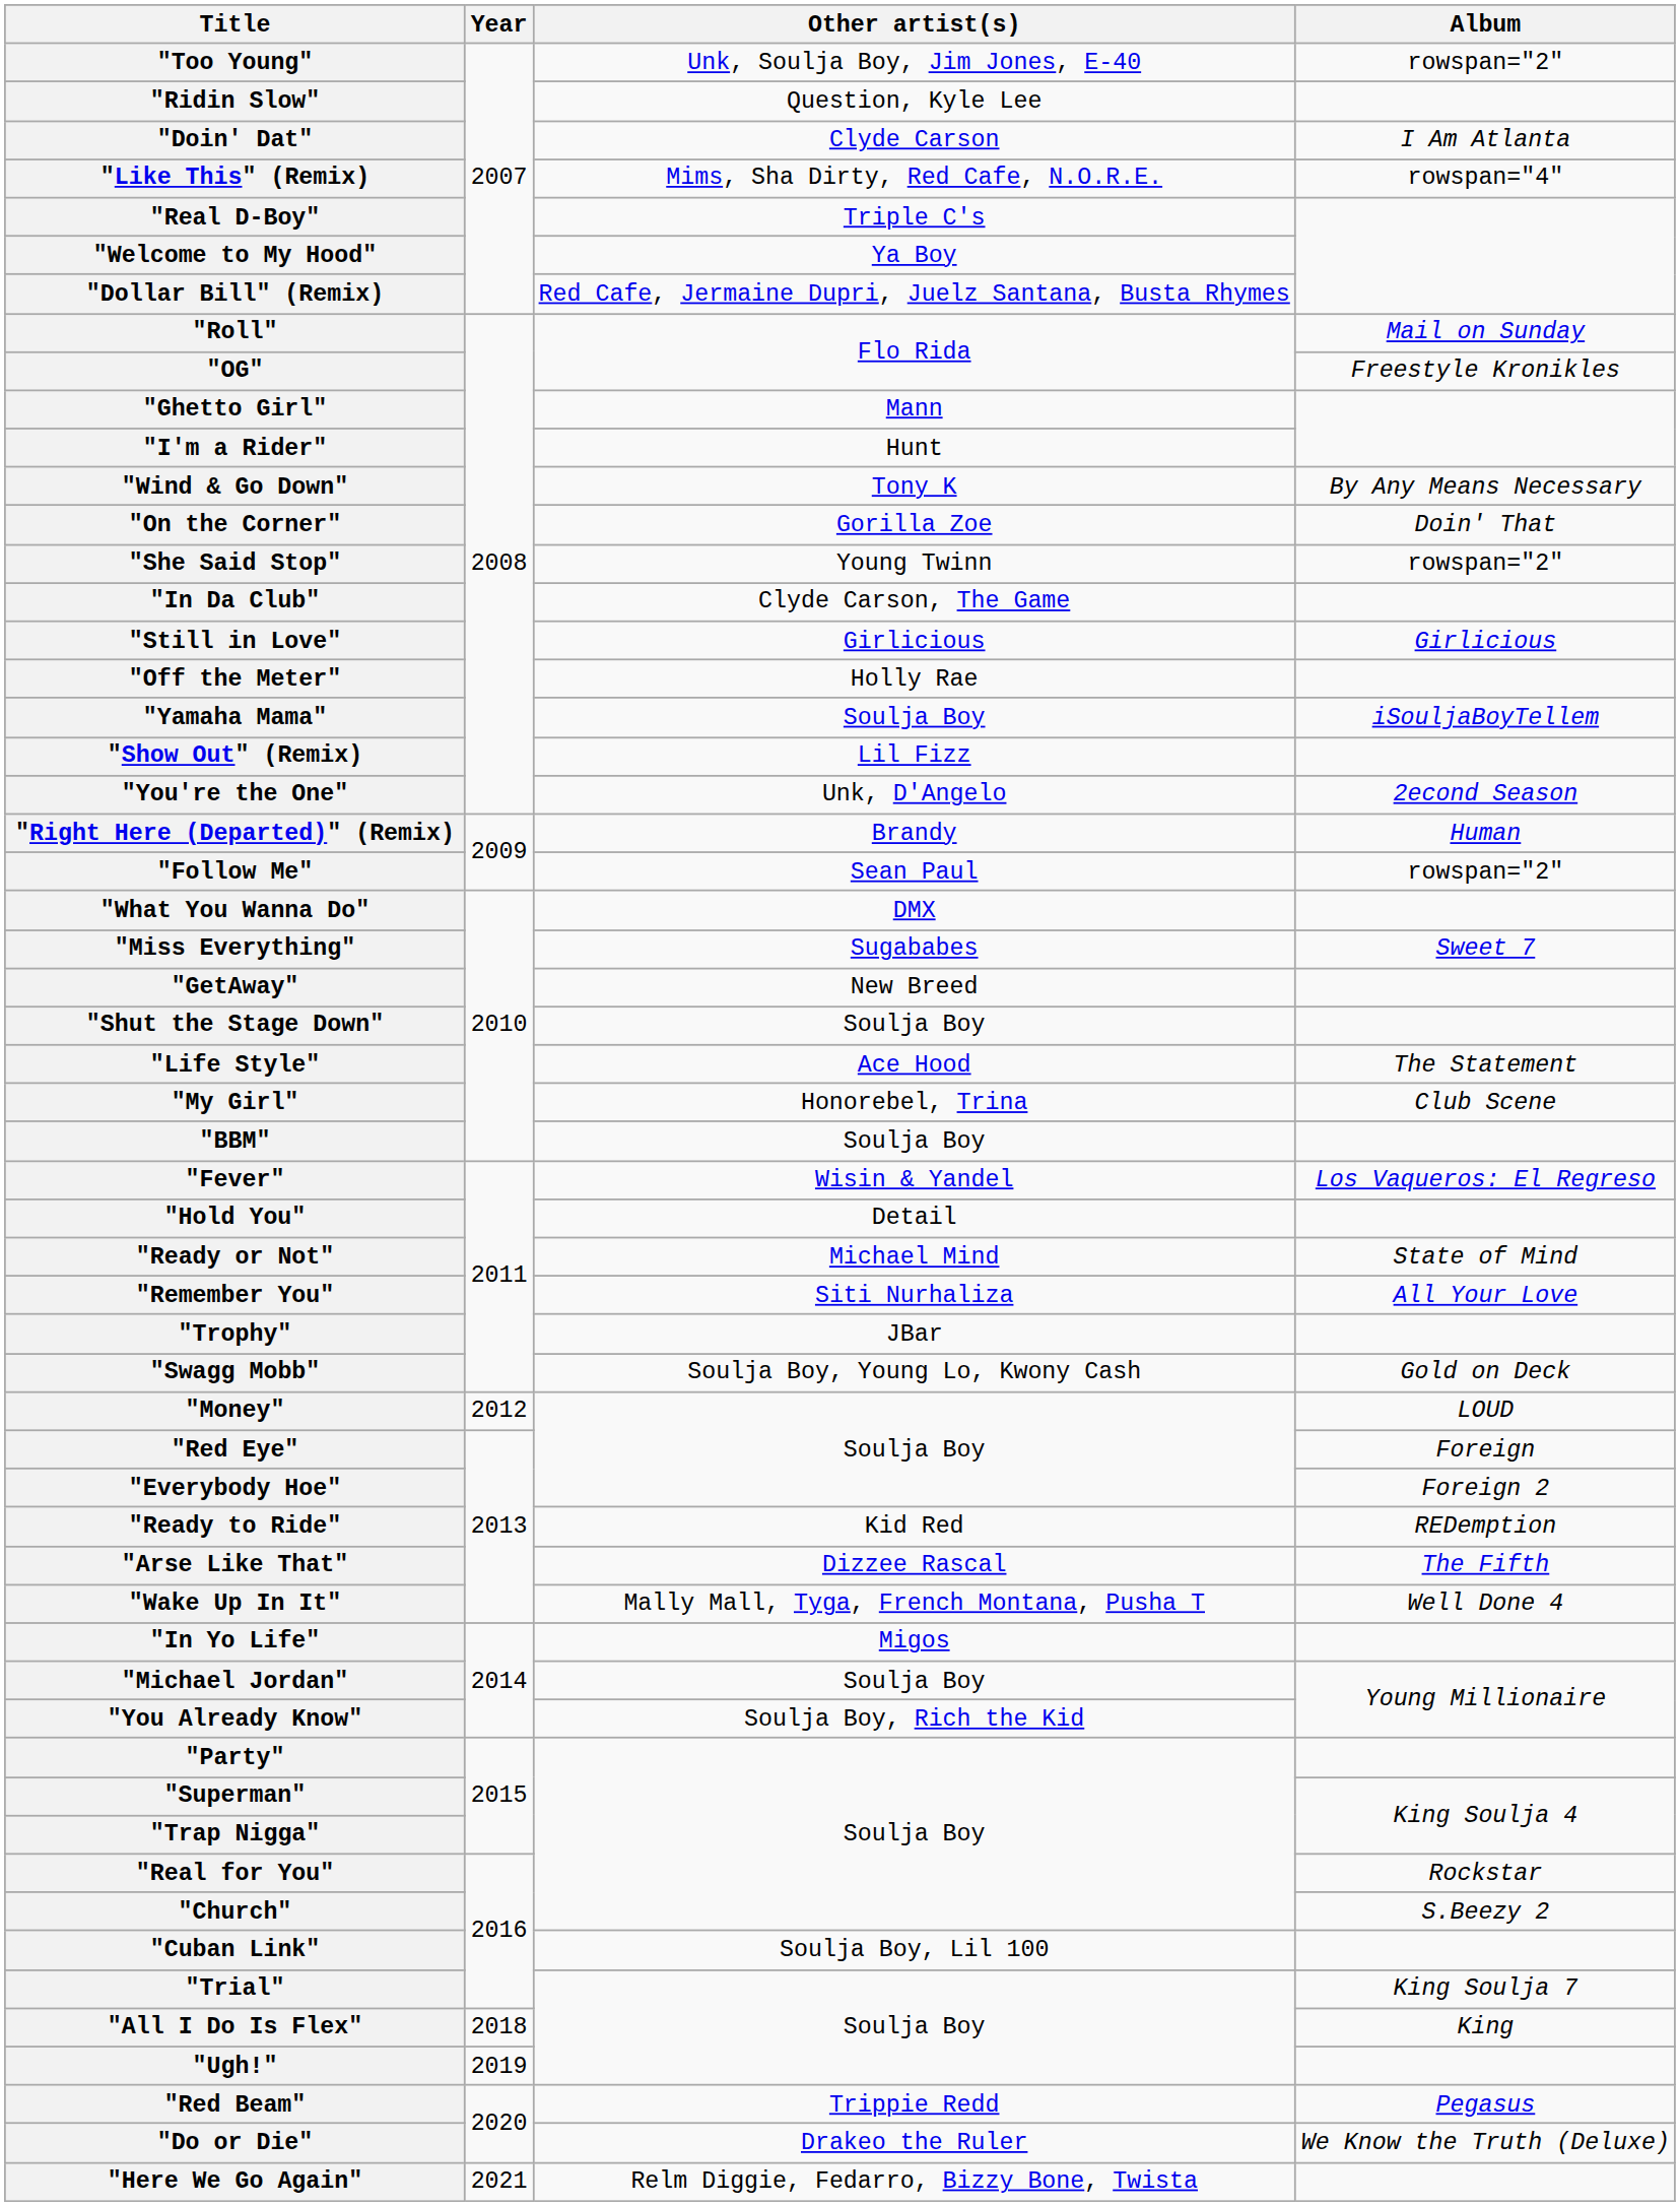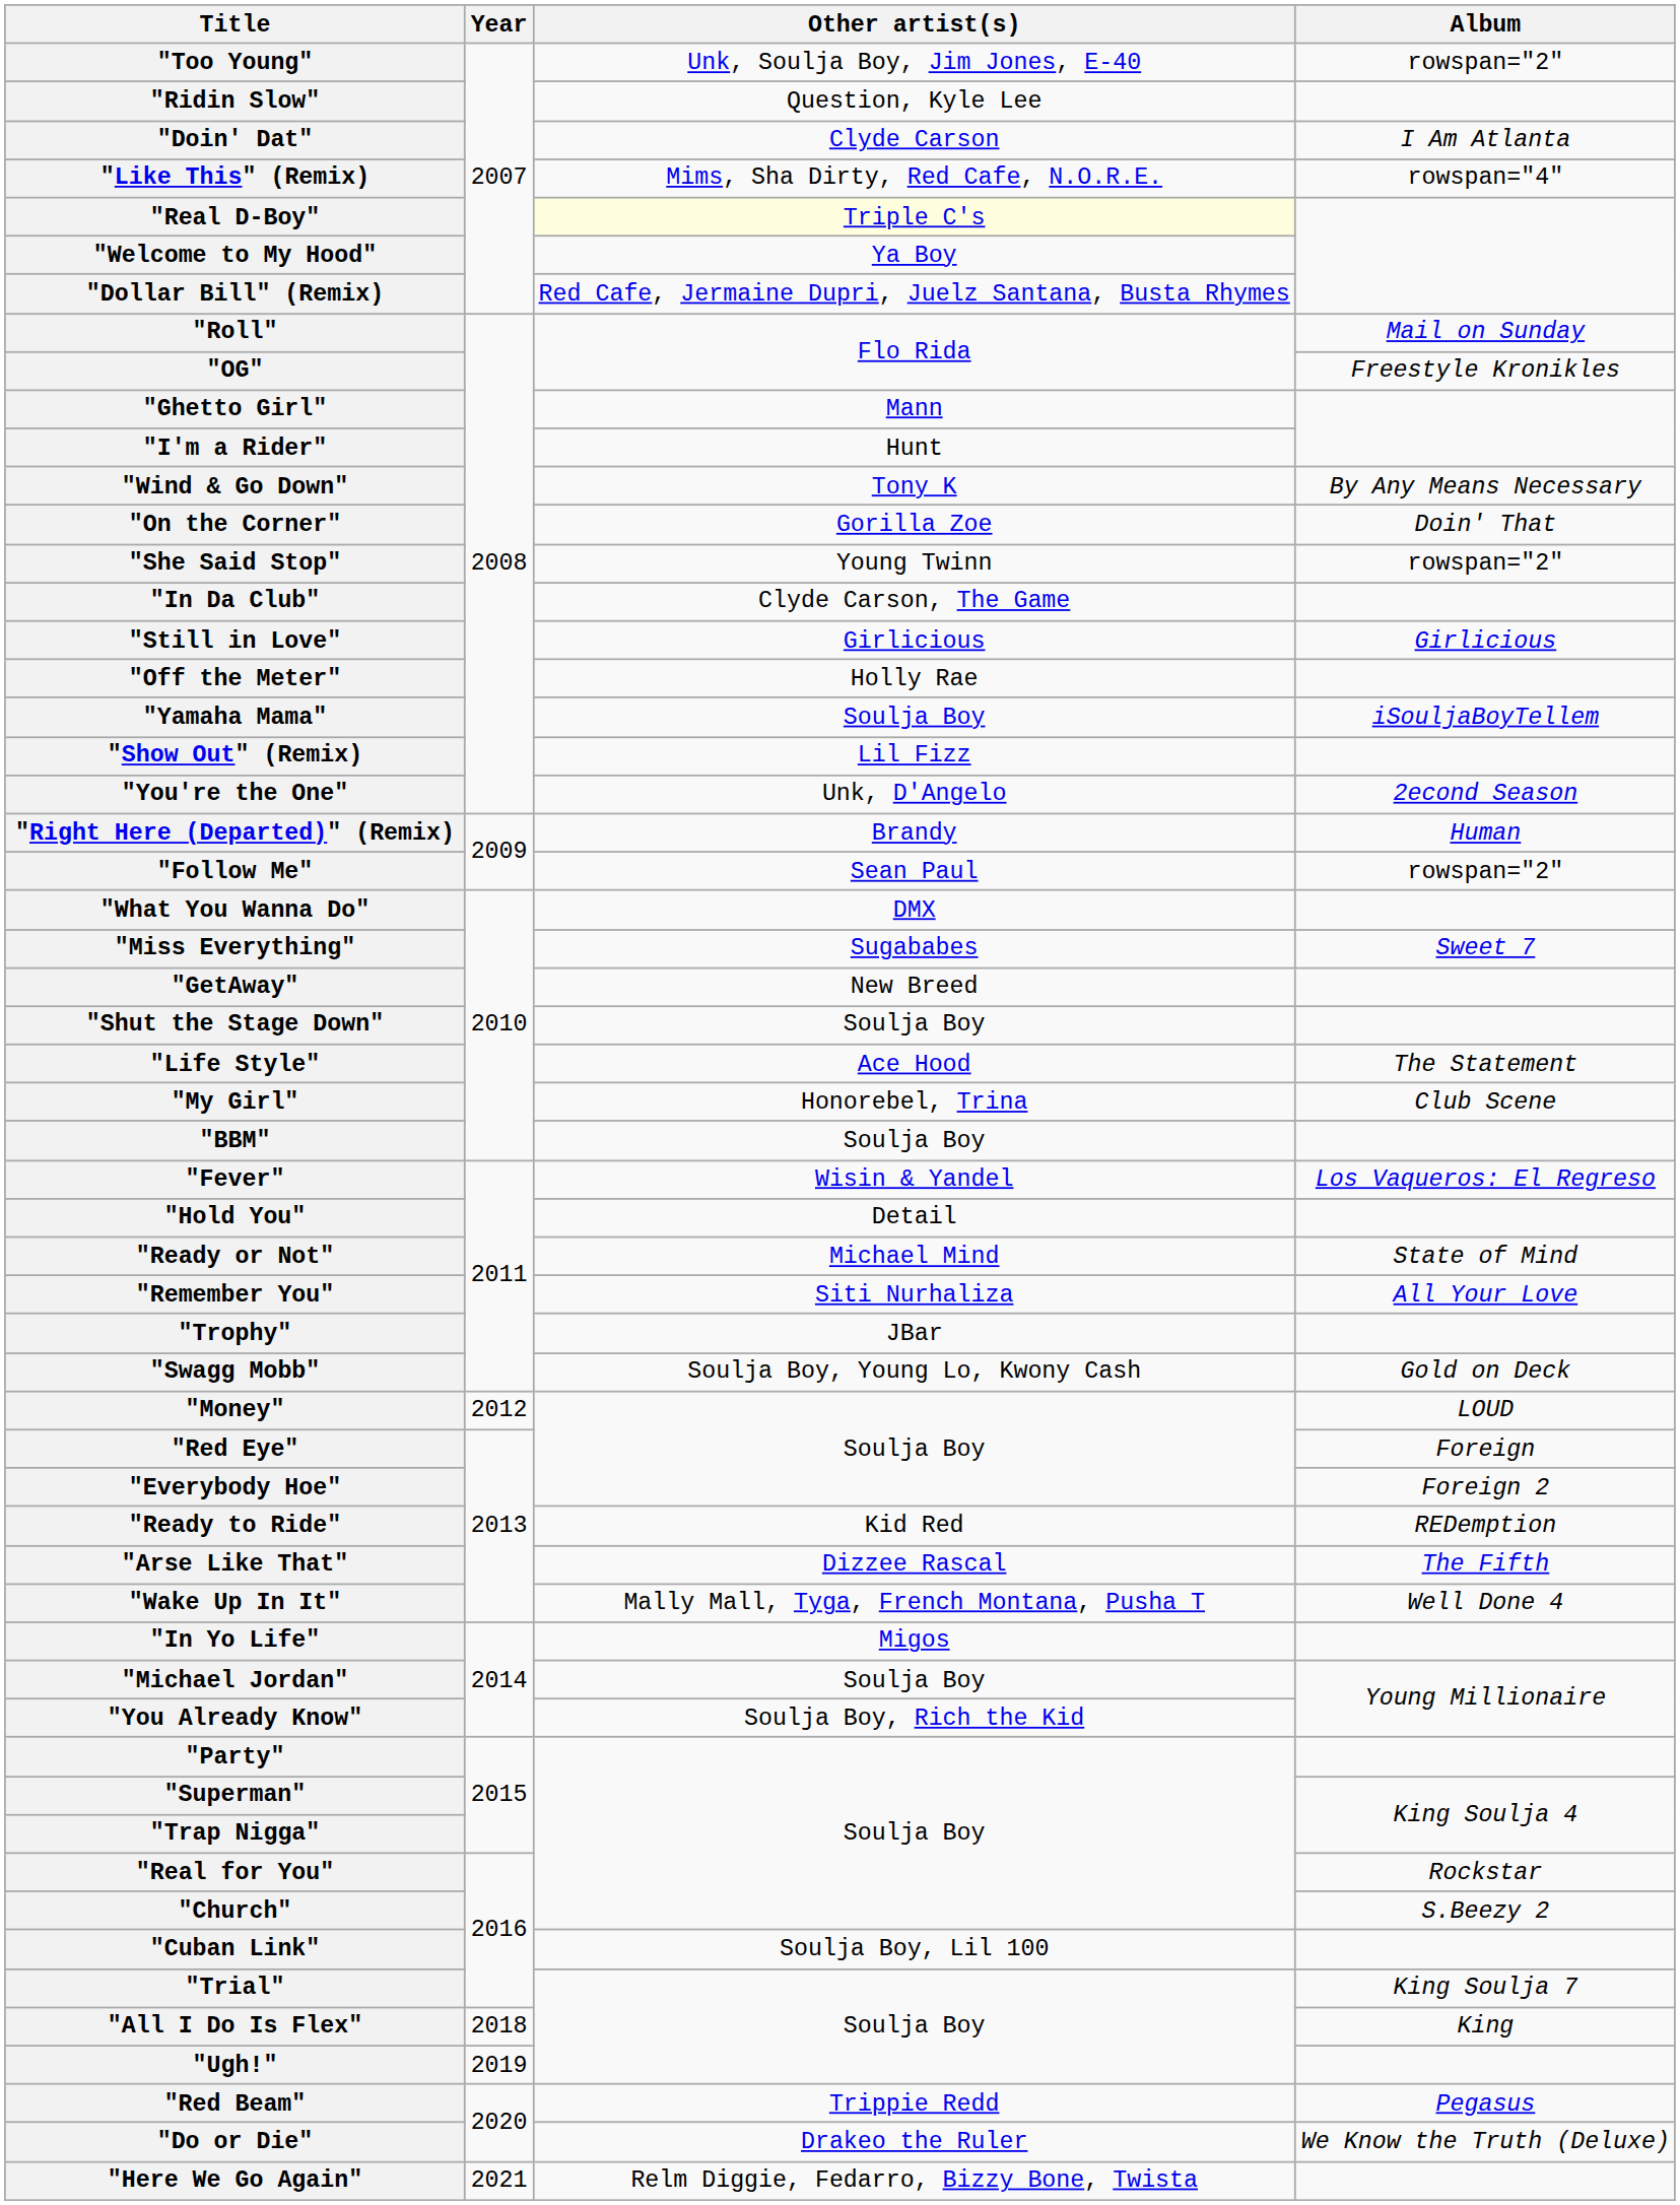 <table class="wikitable plainrowheaders" style="text-align:center;">
 <tr>
 <th scope="col" style="width:19em;">Title</th>
 <th scope="col">Year</th>
 <th scope="col">Other artist(s)</th>
 <th scope="col">Album</th>
 </tr>
 <tr>
 <th scope="row">"Too Young"</th>
 <td rowspan="7">2007</td>
 <td><a href='#'>Unk</a>, Soulja Boy, <a href='#'>Jim Jones</a>, <a href='#'>E-40</a></td>
 <td>rowspan="2" </td>
 </tr>
 <tr>
 <th scope="row">"Ridin Slow"</th>
 <td>Question, Kyle Lee</td>
 </tr>
 <tr>
 <th scope="row">"Doin' Dat"</th>
 <td><a href='#'>Clyde Carson</a></td>
 <td><em>I Am Atlanta</em></td>
 </tr>
 <tr>
 <th scope="row">"<a href='#'>Like This</a>" (Remix)</th>
 <td><a href='#'>Mims</a>, Sha Dirty, <a href='#'>Red Cafe</a>, <a href='#'>N.O.R.E.</a></td>
 <td>rowspan="4" </td>
 </tr>
 <tr>
 <th scope="row">"Real D-Boy"</th>
-<td><a href='#'>Triple C's</a></td>
+<td style="background: lightyellow;"><a href='#'>Triple C's</a></td>
 </tr>
 <tr>
 <th scope="row">"Welcome to My Hood"</th>
 <td><a href='#'>Ya Boy</a></td>
 </tr>
 <tr>
 <th scope="row">"Dollar Bill" (Remix)</th>
 <td><a href='#'>Red Cafe</a>, <a href='#'>Jermaine Dupri</a>, <a href='#'>Juelz Santana</a>, <a href='#'>Busta Rhymes</a></td>
 </tr>
 <tr>
 <th scope="row">"Roll"</th>
 <td rowspan="13">2008</td>
 <td rowspan="2"><a href='#'>Flo Rida</a></td>
 <td><em><a href='#'>Mail on Sunday</a></em></td>
 </tr>
 <tr>
 <th scope="row">"OG"</th>
 <td><em>Freestyle Kronikles</em></td>
 </tr>
 <tr>
 <th scope="row">"Ghetto Girl"</th>
 <td><a href='#'>Mann</a></td>
 </tr>
 <tr>
 <th scope="row">"I'm a Rider"</th>
 <td>Hunt</td>
 </tr>
 <tr>
 <th scope="row">"Wind & Go Down"</th>
 <td><a href='#'>Tony K</a></td>
 <td><em>By Any Means Necessary</em></td>
 </tr>
 <tr>
 <th scope="row">"On the Corner"</th>
 <td><a href='#'>Gorilla Zoe</a></td>
 <td><em>Doin' That</em></td>
 </tr>
 <tr>
 <th scope="row">"She Said Stop"</th>
 <td>Young Twinn</td>
 <td>rowspan="2" </td>
 </tr>
 <tr>
 <th scope="row">"In Da Club"</th>
 <td>Clyde Carson, <a href='#'>The Game</a></td>
 </tr>
 <tr>
 <th scope="row">"Still in Love"</th>
 <td><a href='#'>Girlicious</a></td>
 <td><em><a href='#'>Girlicious</a></em></td>
 </tr>
 <tr>
 <th scope="row">"Off the Meter"</th>
 <td>Holly Rae</td>
 <td></td>
 </tr>
 <tr>
 <th scope="row">"Yamaha Mama"</th>
 <td><a href='#'>Soulja Boy</a></td>
 <td><em><a href='#'>iSouljaBoyTellem</a></em></td>
 </tr>
 <tr>
 <th scope="row">"<a href='#'>Show Out</a>" (Remix)</th>
 <td><a href='#'>Lil Fizz</a></td>
 <td></td>
 </tr>
 <tr>
 <th scope="row">"You're the One"</th>
 <td>Unk, <a href='#'>D'Angelo</a></td>
 <td><em><a href='#'>2econd Season</a></em></td>
 </tr>
 <tr>
 <th scope="row">"<a href='#'>Right Here (Departed)</a>" (Remix)</th>
 <td rowspan="2">2009</td>
 <td><a href='#'>Brandy</a></td>
 <td><em><a href='#'>Human</a></em></td>
 </tr>
 <tr>
 <th scope="row">"Follow Me"</th>
 <td><a href='#'>Sean Paul</a></td>
 <td>rowspan="2" </td>
 </tr>
 <tr>
 <th scope="row">"What You Wanna Do"</th>
 <td rowspan="7">2010</td>
 <td><a href='#'>DMX</a></td>
 </tr>
 <tr>
 <th scope="row">"Miss Everything"</th>
 <td><a href='#'>Sugababes</a></td>
 <td><em><a href='#'>Sweet 7</a></em></td>
 </tr>
 <tr>
 <th scope="row">"GetAway"</th>
 <td>New Breed</td>
 <td></td>
 </tr>
 <tr>
 <th scope="row">"Shut the Stage Down"</th>
 <td>Soulja Boy</td>
 <td></td>
 </tr>
 <tr>
 <th scope="row">"Life Style"</th>
 <td><a href='#'>Ace Hood</a></td>
 <td><em>The Statement</em></td>
 </tr>
 <tr>
 <th scope="row">"My Girl"</th>
 <td>Honorebel, <a href='#'>Trina</a></td>
 <td><em>Club Scene</em></td>
 </tr>
 <tr>
 <th scope="row">"BBM"</th>
 <td>Soulja Boy</td>
 <td></td>
 </tr>
 <tr>
 <th scope="row">"Fever"</th>
 <td rowspan="6">2011</td>
 <td><a href='#'>Wisin & Yandel</a></td>
 <td><em><a href='#'>Los Vaqueros: El Regreso</a></em></td>
 </tr>
 <tr>
 <th scope="row">"Hold You"</th>
 <td>Detail</td>
 <td></td>
 </tr>
 <tr>
 <th scope="row">"Ready or Not"</th>
 <td><a href='#'>Michael Mind</a></td>
 <td><em>State of Mind</em></td>
 </tr>
 <tr>
 <th scope="row">"Remember You"</th>
 <td><a href='#'>Siti Nurhaliza</a></td>
 <td><em><a href='#'>All Your Love</a></em></td>
 </tr>
 <tr>
 <th scope="row">"Trophy"</th>
 <td>JBar</td>
 <td></td>
 </tr>
 <tr>
 <th scope="row">"Swagg Mobb"</th>
 <td>Soulja Boy, Young Lo, Kwony Cash</td>
 <td><em>Gold on Deck</em></td>
 </tr>
 <tr>
 <th scope="row">"Money"</th>
 <td>2012</td>
 <td rowspan="3">Soulja Boy</td>
 <td><em>LOUD</em></td>
 </tr>
 <tr>
 <th scope="row">"Red Eye"</th>
 <td rowspan="5">2013</td>
 <td><em>Foreign</em></td>
 </tr>
 <tr>
 <th scope="row">"Everybody Hoe"</th>
 <td><em>Foreign 2</em></td>
 </tr>
 <tr>
 <th scope="row">"Ready to Ride"</th>
 <td>Kid Red</td>
 <td><em>REDemption</em></td>
 </tr>
 <tr>
 <th scope="row">"Arse Like That"</th>
 <td><a href='#'>Dizzee Rascal</a></td>
 <td><em><a href='#'>The Fifth</a></em></td>
 </tr>
 <tr>
 <th scope="row">"Wake Up In It"</th>
 <td>Mally Mall, <a href='#'>Tyga</a>, <a href='#'>French Montana</a>, <a href='#'>Pusha T</a></td>
 <td><em>Well Done 4</em></td>
 </tr>
 <tr>
 <th scope="row">"In Yo Life"</th>
 <td rowspan="3">2014</td>
 <td><a href='#'>Migos</a></td>
 <td></td>
 </tr>
 <tr>
 <th scope="row">"Michael Jordan"</th>
 <td>Soulja Boy</td>
 <td rowspan=2><em>Young Millionaire</em></td>
 </tr>
 <tr>
 <th scope="row">"You Already Know"</th>
 <td>Soulja Boy, <a href='#'>Rich the Kid</a></td>
 </tr>
 <tr>
 <th scope="row">"Party"</th>
 <td rowspan=3>2015</td>
 <td rowspan=5>Soulja Boy</td>
 <td></td>
 </tr>
 <tr>
 <th scope="row">"Superman"</th>
 <td rowspan=2><em>King Soulja 4</em></td>
 </tr>
 <tr>
 <th scope="row">"Trap Nigga"</th>
 </tr>
 <tr>
 <th scope="row">"Real for You"</th>
 <td rowspan=4>2016</td>
 <td><em>Rockstar</em></td>
 </tr>
 <tr>
 <th scope="row">"Church"</th>
 <td><em>S.Beezy 2</em></td>
 </tr>
 <tr>
 <th scope="row">"Cuban Link"</th>
 <td>Soulja Boy, Lil 100</td>
 <td></td>
 </tr>
 <tr>
 <th scope="row">"Trial"</th>
 <td rowspan=3>Soulja Boy</td>
 <td><em>King Soulja 7</em></td>
 </tr>
 <tr>
 <th scope="row">"All I Do Is Flex"</th>
 <td>2018</td>
 <td><em>King</em></td>
 </tr>
 <tr>
 <th scope="row">"Ugh!"</th>
 <td>2019</td>
 <td></td>
 </tr>
 <tr>
 <th scope="row">"Red Beam"</th>
 <td rowspan="2">2020</td>
 <td><a href='#'>Trippie Redd</a></td>
 <td><em><a href='#'>Pegasus</a></em></td>
 </tr>
 <tr>
 <th scope="row">"Do or Die"</th>
 <td><a href='#'>Drakeo the Ruler</a></td>
 <td><em>We Know the Truth (Deluxe)</em></td>
 </tr>
 <tr>
 <th scope="row">"Here We Go Again"</th>
 <td rowspan="1">2021</td>
 <td>Relm Diggie, Fedarro, <a href='#'>Bizzy Bone</a>, <a href='#'>Twista</a></td>
 <td></td>
 </tr>
 </table>
